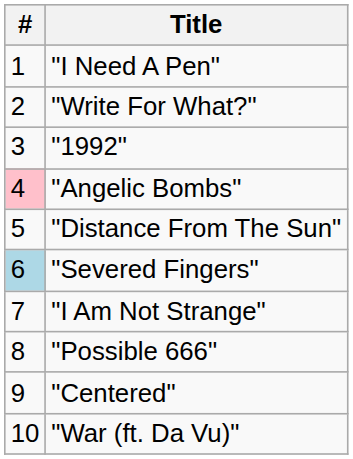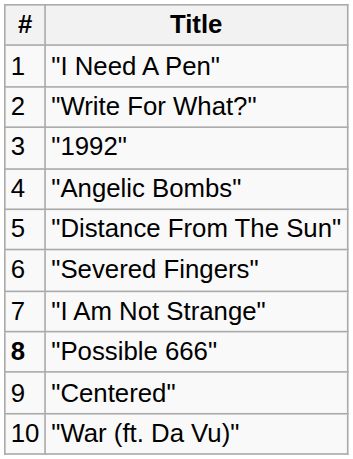 <table class="wikitable">
 <tr>
 <th align="center">#</th>
 <th align="center">Title</th>
 </tr>
 <tr>
 <td>1</td>
 <td>"I Need A Pen"</td>
 </tr>
 <tr>
 <td>2</td>
 <td>"Write For What?"</td>
 </tr>
 <tr>
 <td>3</td>
 <td>"1992"</td>
 </tr>
 <tr>
-<td style="background: pink;">4</td>
+<td>4</td>
 <td>"Angelic Bombs"</td>
 </tr>
 <tr>
 <td>5</td>
 <td>"Distance From The Sun"</td>
 </tr>
 <tr>
-<td style="background: lightblue;">6</td>
+<td>6</td>
 <td>"Severed Fingers"</td>
 </tr>
 <tr>
 <td>7</td>
 <td>"I Am Not Strange"</td>
 </tr>
 <tr>
-<td>8</td>
+<td><strong>8</strong></td>
 <td>"Possible 666"</td>
 </tr>
 <tr>
 <td>9</td>
 <td>"Centered"</td>
 </tr>
 <tr>
 <td>10</td>
 <td>"War (ft. Da Vu)"</td>
 </tr>
 </table>
